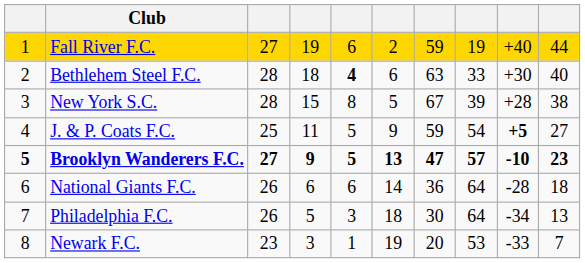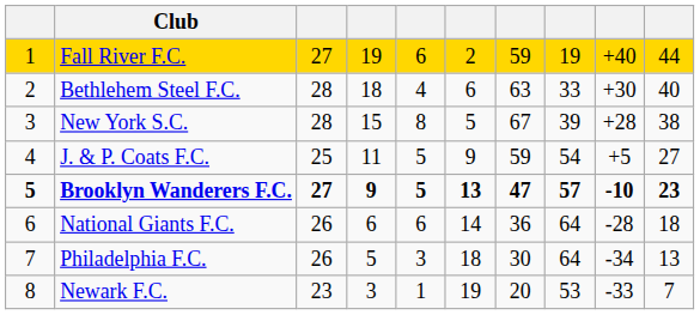 <table class="wikitable" style="text-align:center">
 <tr>
 <th width=30></th>
 <th>Club</th>
 <th width=30></th>
 <th width=30></th>
 <th width=30></th>
 <th width=30></th>
 <th width=30></th>
 <th width=30></th>
 <th width=30></th>
 <th width=30></th>
 </tr>
 <tr bgcolor="gold">
 <td>1</td>
 <td align=left><a href='#'>Fall River F.C.</a></td>
 <td>27</td>
 <td>19</td>
 <td>6</td>
 <td>2</td>
 <td>59</td>
 <td>19</td>
 <td>+40</td>
 <td>44</td>
 </tr>
 <tr>
 <td>2</td>
 <td align=left><a href='#'>Bethlehem Steel F.C.</a></td>
 <td>28</td>
 <td>18</td>
-<td><strong>4</strong></td>
+<td>4</td>
 <td>6</td>
 <td>63</td>
 <td>33</td>
 <td>+30</td>
 <td>40</td>
 </tr>
 <tr>
 <td>3</td>
 <td align=left><a href='#'>New York S.C.</a></td>
 <td>28</td>
 <td>15</td>
 <td>8</td>
 <td>5</td>
 <td>67</td>
 <td>39</td>
 <td>+28</td>
 <td>38</td>
 </tr>
 <tr>
 <td>4</td>
 <td align=left><a href='#'>J. & P. Coats F.C.</a></td>
 <td>25</td>
 <td>11</td>
 <td>5</td>
 <td>9</td>
 <td>59</td>
 <td>54</td>
-<td><strong>+5</strong></td>
+<td>+5</td>
 <td>27</td>
 </tr>
 <tr>
 <td><strong>5</strong></td>
 <td align=left><strong><a href='#'>Brooklyn Wanderers F.C.</a></strong></td>
 <td><strong>27</strong></td>
 <td><strong>9</strong></td>
 <td><strong>5</strong></td>
 <td><strong>13</strong></td>
 <td><strong>47</strong></td>
 <td><strong>57</strong></td>
 <td><strong>-10</strong></td>
 <td><strong>23</strong></td>
 </tr>
 <tr>
 <td>6</td>
 <td align=left><a href='#'>National Giants F.C.</a></td>
 <td>26</td>
 <td>6</td>
 <td>6</td>
 <td>14</td>
 <td>36</td>
 <td>64</td>
 <td>-28</td>
 <td>18</td>
 </tr>
 <tr>
 <td>7</td>
 <td align=left><a href='#'>Philadelphia F.C.</a></td>
 <td>26</td>
 <td>5</td>
 <td>3</td>
 <td>18</td>
 <td>30</td>
 <td>64</td>
 <td>-34</td>
 <td>13</td>
 </tr>
 <tr>
 <td>8</td>
 <td align=left><a href='#'>Newark F.C.</a></td>
 <td>23</td>
 <td>3</td>
 <td>1</td>
 <td>19</td>
 <td>20</td>
 <td>53</td>
 <td>-33</td>
 <td>7</td>
 </tr>
 </table>
